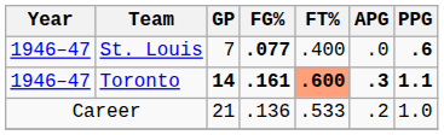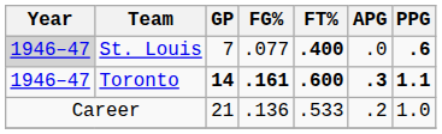 <table class="wikitable sortable" style="font-size:95%; text-align:right;">
 <tr>
 <th>Year</th>
 <th>Team</th>
 <th>GP</th>
 <th>FG%</th>
 <th>FT%</th>
 <th>APG</th>
 <th>PPG</th>
 </tr>
 <tr>
-<td style="text-align:left;"><a href='#'>1946–47</a></td>
+<td style="background: lightgrey; text-align:left;"><a href='#'>1946–47</a></td>
 <td style="text-align:left;"><a href='#'>St. Louis</a></td>
 <td>7</td>
-<td><strong>.077</strong></td>
-<td>.400</td>
+<td>.077</td>
+<td><strong>.400</strong></td>
 <td>.0</td>
 <td><strong>.6</strong></td>
 </tr>
 <tr>
 <td style="text-align:left;"><a href='#'>1946–47</a></td>
 <td style="text-align:left;"><a href='#'>Toronto</a></td>
 <td><strong>14</strong></td>
 <td><strong>.161</strong></td>
-<td style="background: lightsalmon;"><strong>.600</strong></td>
+<td><strong>.600</strong></td>
 <td><strong>.3</strong></td>
 <td><strong>1.1</strong></td>
 </tr>
 <tr>
 <td style="text-align:center;" colspan="2">Career</td>
 <td>21</td>
 <td>.136</td>
 <td>.533</td>
 <td>.2</td>
 <td>1.0</td>
 </tr>
 <tr>
 </tr>
 </table>
